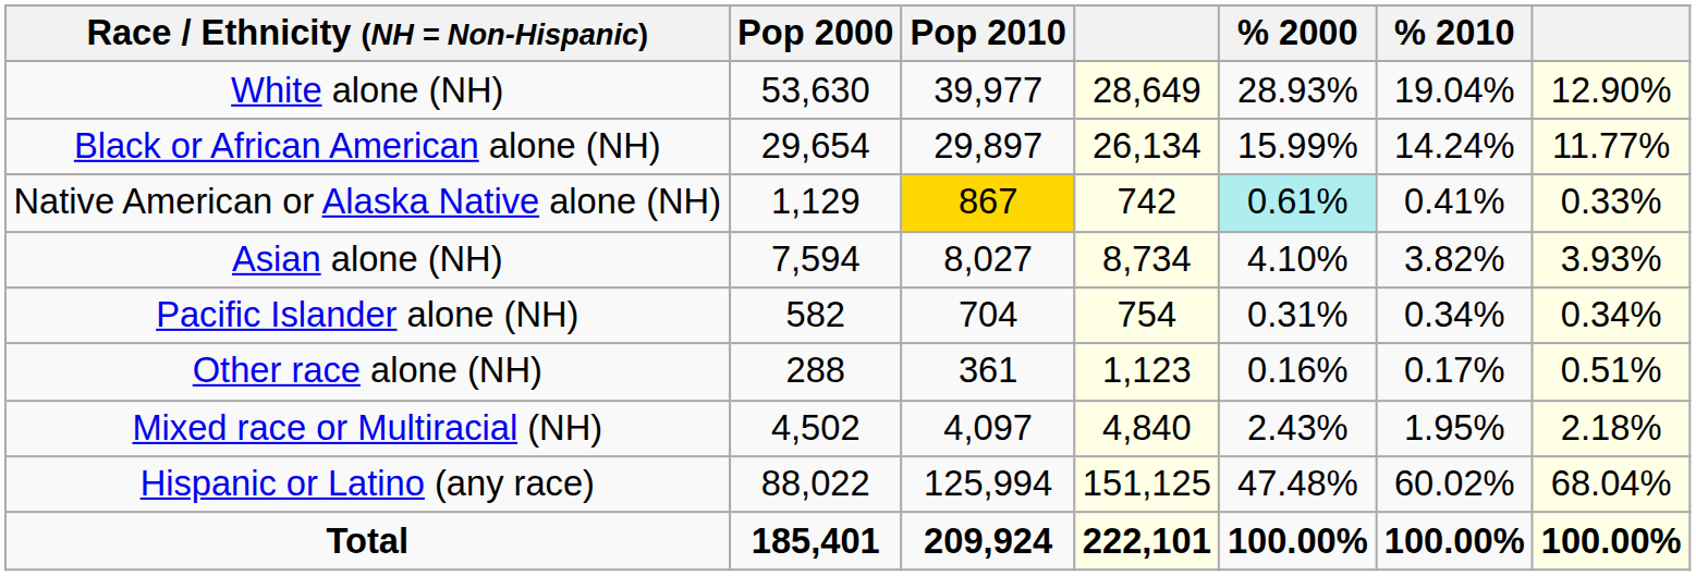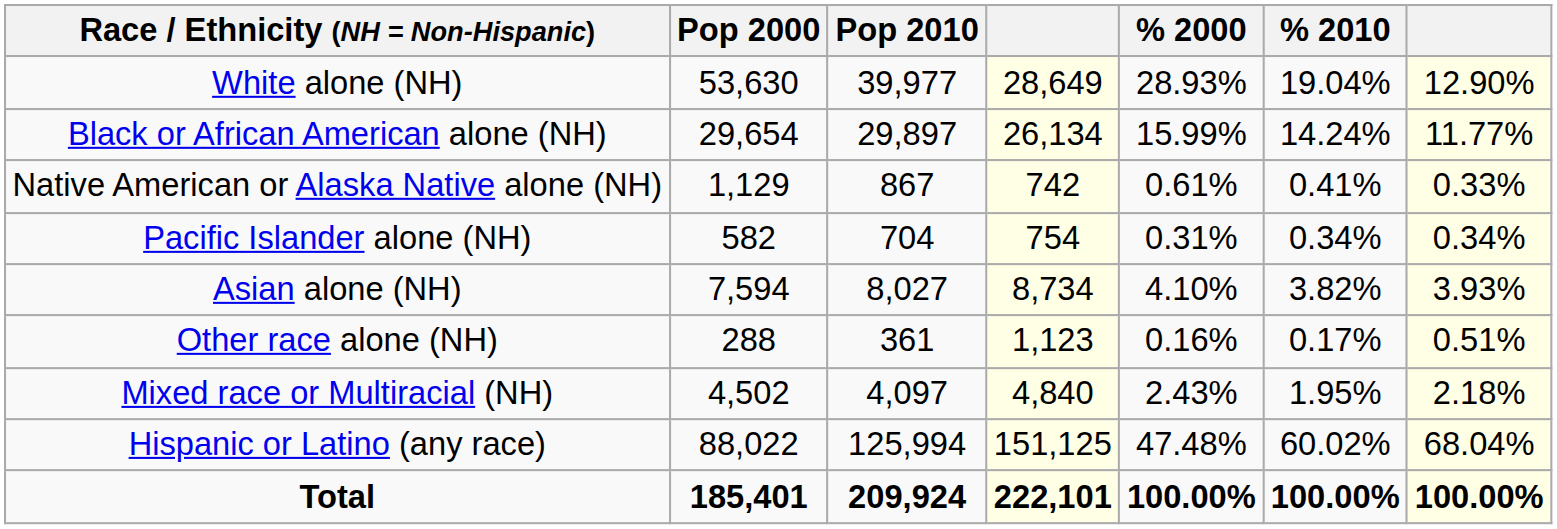 <table class="wikitable" style="text-align:center;">
 <tr>
 <th>Race / Ethnicity <small>(<em>NH = Non-Hispanic</em>)</small></th>
 <th>Pop 2000</th>
 <th>Pop 2010</th>
 <th></th>
 <th>% 2000</th>
 <th>% 2010</th>
 <th></th>
 </tr>
 <tr>
 <td><a href='#'>White</a> alone (NH)</td>
 <td>53,630</td>
 <td>39,977</td>
 <td style='background: #ffffe6;'>28,649</td>
 <td>28.93%</td>
 <td>19.04%</td>
 <td style='background: #ffffe6;'>12.90%</td>
 </tr>
 <tr>
 <td><a href='#'>Black or African American</a> alone (NH)</td>
 <td>29,654</td>
 <td>29,897</td>
 <td style='background: #ffffe6;'>26,134</td>
 <td>15.99%</td>
 <td>14.24%</td>
 <td style='background: #ffffe6;'>11.77%</td>
 </tr>
 <tr>
 <td>Native American or <a href='#'>Alaska Native</a> alone (NH)</td>
 <td>1,129</td>
-<td style="background: gold;">867</td>
+<td>867</td>
 <td style='background: #ffffe6;'>742</td>
-<td style="background: paleturquoise;">0.61%</td>
+<td>0.61%</td>
 <td>0.41%</td>
 <td style='background: #ffffe6;'>0.33%</td>
+</tr>
+<tr>
+<td><a href='#'>Pacific Islander</a> alone (NH)</td>
+<td>582</td>
+<td>704</td>
+<td style='background: #ffffe6;'>754</td>
+<td>0.31%</td>
+<td>0.34%</td>
+<td style='background: #ffffe6;'>0.34%</td>
 </tr>
 <tr>
 <td><a href='#'>Asian</a> alone (NH)</td>
 <td>7,594</td>
 <td>8,027</td>
 <td style='background: #ffffe6;'>8,734</td>
 <td>4.10%</td>
 <td>3.82%</td>
 <td style='background: #ffffe6;'>3.93%</td>
-</tr>
-<tr>
-<td><a href='#'>Pacific Islander</a> alone (NH)</td>
-<td>582</td>
-<td>704</td>
-<td style='background: #ffffe6;'>754</td>
-<td>0.31%</td>
-<td>0.34%</td>
-<td style='background: #ffffe6;'>0.34%</td>
 </tr>
 <tr>
 <td><a href='#'>Other race</a> alone (NH)</td>
 <td>288</td>
 <td>361</td>
 <td style='background: #ffffe6;'>1,123</td>
 <td>0.16%</td>
 <td>0.17%</td>
 <td style='background: #ffffe6;'>0.51%</td>
 </tr>
 <tr>
 <td><a href='#'>Mixed race or Multiracial</a> (NH)</td>
 <td>4,502</td>
 <td>4,097</td>
 <td style='background: #ffffe6;'>4,840</td>
 <td>2.43%</td>
 <td>1.95%</td>
 <td style='background: #ffffe6;'>2.18%</td>
 </tr>
 <tr>
 <td><a href='#'>Hispanic or Latino</a> (any race)</td>
 <td>88,022</td>
 <td>125,994</td>
 <td style='background: #ffffe6;'>151,125</td>
 <td>47.48%</td>
 <td>60.02%</td>
 <td style='background: #ffffe6;'>68.04%</td>
 </tr>
 <tr>
 <td><strong>Total</strong></td>
 <td><strong>185,401</strong></td>
 <td><strong>209,924</strong></td>
 <td style='background: #ffffe6;'><strong>222,101</strong></td>
 <td><strong>100.00%</strong></td>
 <td><strong>100.00%</strong></td>
 <td style='background: #ffffe6;'><strong>100.00%</strong></td>
 </tr>
 </table>
